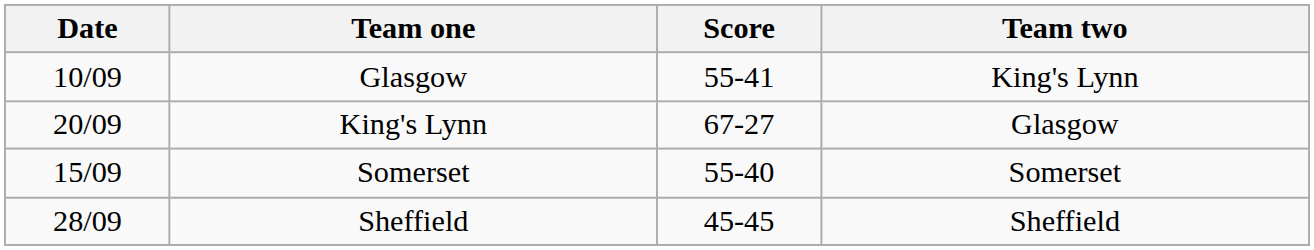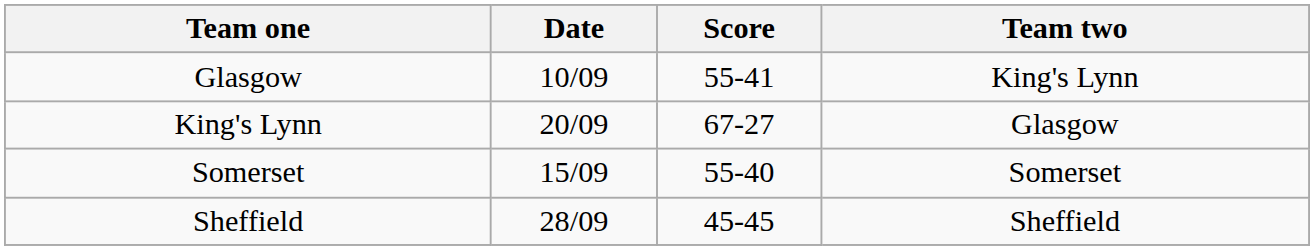 <table class="wikitable" style="text-align: center">
 <tr>
+<th width=250>Team one</th>
 <th width=80>Date</th>
-<th width=250>Team one</th>
 <th width=80>Score</th>
 <th width=250>Team two</th>
 </tr>
 <tr>
+<td>Glasgow</td>
 <td>10/09</td>
-<td>Glasgow</td>
 <td>55-41</td>
 <td>King's Lynn</td>
 </tr>
 <tr>
+<td>King's Lynn</td>
 <td>20/09</td>
-<td>King's Lynn</td>
 <td>67-27</td>
 <td>Glasgow</td>
 </tr>
 <tr>
+<td>Somerset</td>
 <td>15/09</td>
-<td>Somerset</td>
 <td>55-40</td>
 <td>Somerset</td>
 </tr>
 <tr>
+<td>Sheffield</td>
 <td>28/09</td>
-<td>Sheffield</td>
 <td>45-45</td>
 <td>Sheffield</td>
 </tr>
 </table>
